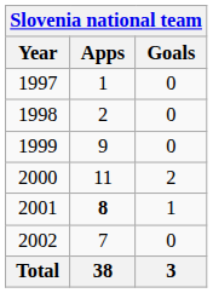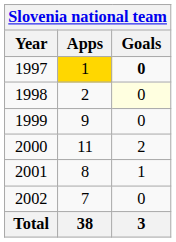 <table class="wikitable" style="text-align:center">
 <tr>
 <th colspan=3><a href='#'>Slovenia national team</a></th>
 </tr>
 <tr>
 <th>Year</th>
 <th>Apps</th>
 <th>Goals</th>
 </tr>
 <tr>
 <td>1997</td>
-<td>1</td>
-<td>0</td>
+<td style="background: gold;">1</td>
+<td><strong>0</strong></td>
 </tr>
 <tr>
 <td>1998</td>
 <td>2</td>
-<td>0</td>
+<td style="background: lightyellow;">0</td>
 </tr>
 <tr>
 <td>1999</td>
 <td>9</td>
 <td>0</td>
 </tr>
 <tr>
 <td>2000</td>
 <td>11</td>
 <td>2</td>
 </tr>
 <tr>
 <td>2001</td>
-<td><strong>8</strong></td>
+<td>8</td>
 <td>1</td>
 </tr>
 <tr>
 <td>2002</td>
 <td>7</td>
 <td>0</td>
 </tr>
 <tr>
 <th>Total</th>
 <th>38</th>
 <th>3</th>
 </tr>
 </table>
